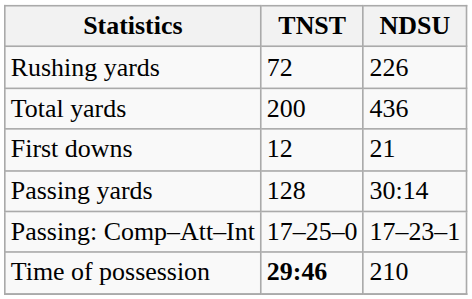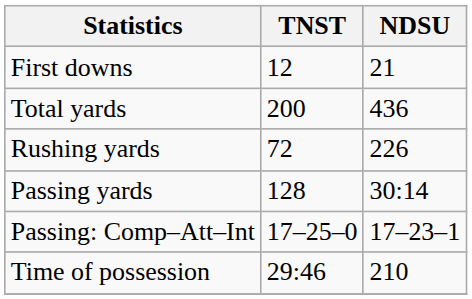 <table class="wikitable" style="float: left;">
 <tr>
 <th>Statistics</th>
 <th>TNST</th>
 <th>NDSU</th>
 </tr>
 <tr>
-<td>Rushing yards</td>
-<td>72</td>
-<td>226</td>
+<td>First downs</td>
+<td>12</td>
+<td>21</td>
 </tr>
 <tr>
 <td>Total yards</td>
 <td>200</td>
 <td>436</td>
 </tr>
 <tr>
-<td>First downs</td>
-<td>12</td>
-<td>21</td>
+<td>Rushing yards</td>
+<td>72</td>
+<td>226</td>
 </tr>
 <tr>
 <td>Passing yards</td>
 <td>128</td>
 <td>30:14</td>
 </tr>
 <tr>
 <td>Passing: Comp–Att–Int</td>
 <td>17–25–0</td>
 <td>17–23–1</td>
 </tr>
 <tr>
 <td>Time of possession</td>
-<td><strong>29:46</strong></td>
+<td>29:46</td>
 <td>210</td>
 </tr>
 <tr>
 </tr>
 </table>
